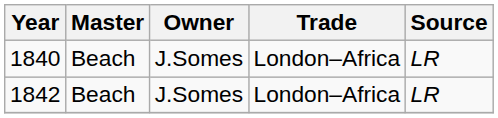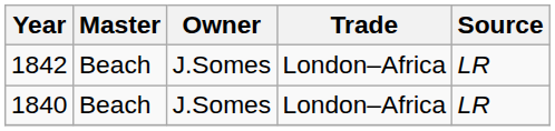 <table class="sortable wikitable">
 <tr>
 <th>Year</th>
 <th>Master</th>
 <th>Owner</th>
 <th>Trade</th>
 <th>Source</th>
 </tr>
 <tr>
-<td>1840</td>
+<td>1842</td>
 <td>Beach</td>
 <td>J.Somes</td>
 <td>London–Africa</td>
 <td><em>LR</em></td>
 </tr>
 <tr>
-<td>1842</td>
+<td>1840</td>
 <td>Beach</td>
 <td>J.Somes</td>
 <td>London–Africa</td>
 <td><em>LR</em></td>
 </tr>
 <tr>
 </tr>
 </table>
